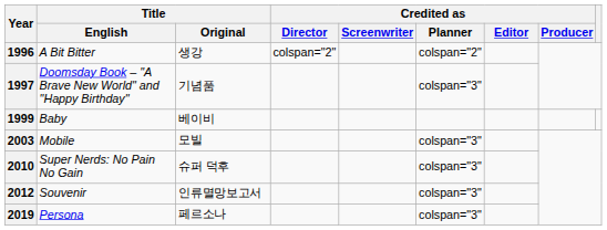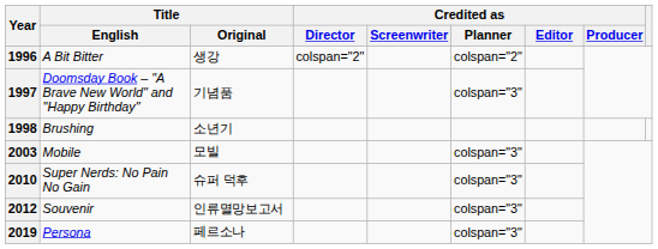 <table class="wikitable plainrowheaders sortable">
 <tr>
 <th rowspan="2" style="width:33px;">Year</th>
 <th colspan="2">Title</th>
 <th colspan="5">Credited as</th>
 <th rowspan="2" class="unsortable"></th>
 </tr>
 <tr>
 <th width="180">English</th>
 <th width="120">Original</th>
 <th width="65" class="unsortable"><a href='#'>Director</a></th>
 <th width="65" class="unsortable"><a href='#'>Screenwriter</a></th>
 <th width="65" class="unsortable">Planner</th>
 <th width="65" class="unsortable"><a href='#'>Editor</a></th>
 <th width="65" class="unsortable"><a href='#'>Producer</a></th>
 </tr>
 <tr>
 <th scope="row">1996</th>
 <td><em>A Bit Bitter</em></td>
 <td>생강</td>
 <td>colspan="2" </td>
 <td></td>
 <td>colspan="2" </td>
 <td></td>
 </tr>
 <tr>
 <th scope="row">1997</th>
 <td><em><a href='#'>Doomsday Book</a> – "A Brave New World" and "Happy Birthday"</em></td>
 <td>기념품</td>
 <td></td>
 <td></td>
 <td>colspan="3" </td>
 <td></td>
 </tr>
 <tr>
-<th scope="row">1999</th>
-<td><em>Baby</em></td>
-<td>베이비</td>
+<th scope="row">1998</th>
+<td><em>Brushing</em></td>
+<td>소년기</td>
 <td></td>
 <td></td>
 <td></td>
 <td></td>
 <td></td>
 <td></td>
 </tr>
 <tr>
 <th scope="row">2003</th>
 <td><em>Mobile</em></td>
 <td>모빌</td>
 <td></td>
 <td></td>
 <td>colspan="3" </td>
 <td></td>
 </tr>
 <tr>
 <th scope="row">2010</th>
 <td><em>Super Nerds: No Pain No Gain</em></td>
 <td>슈퍼 덕후</td>
 <td></td>
 <td></td>
 <td>colspan="3" </td>
 <td></td>
 </tr>
 <tr>
 <th scope="row">2012</th>
 <td><em>Souvenir</em></td>
 <td>인류멸망보고서</td>
 <td></td>
 <td></td>
 <td>colspan="3" </td>
 <td></td>
 </tr>
 <tr>
 <th scope="row">2019</th>
 <td><em><a href='#'>Persona</a></em></td>
 <td>페르소나</td>
 <td></td>
 <td></td>
 <td>colspan="3" </td>
 <td></td>
 </tr>
 </table>
